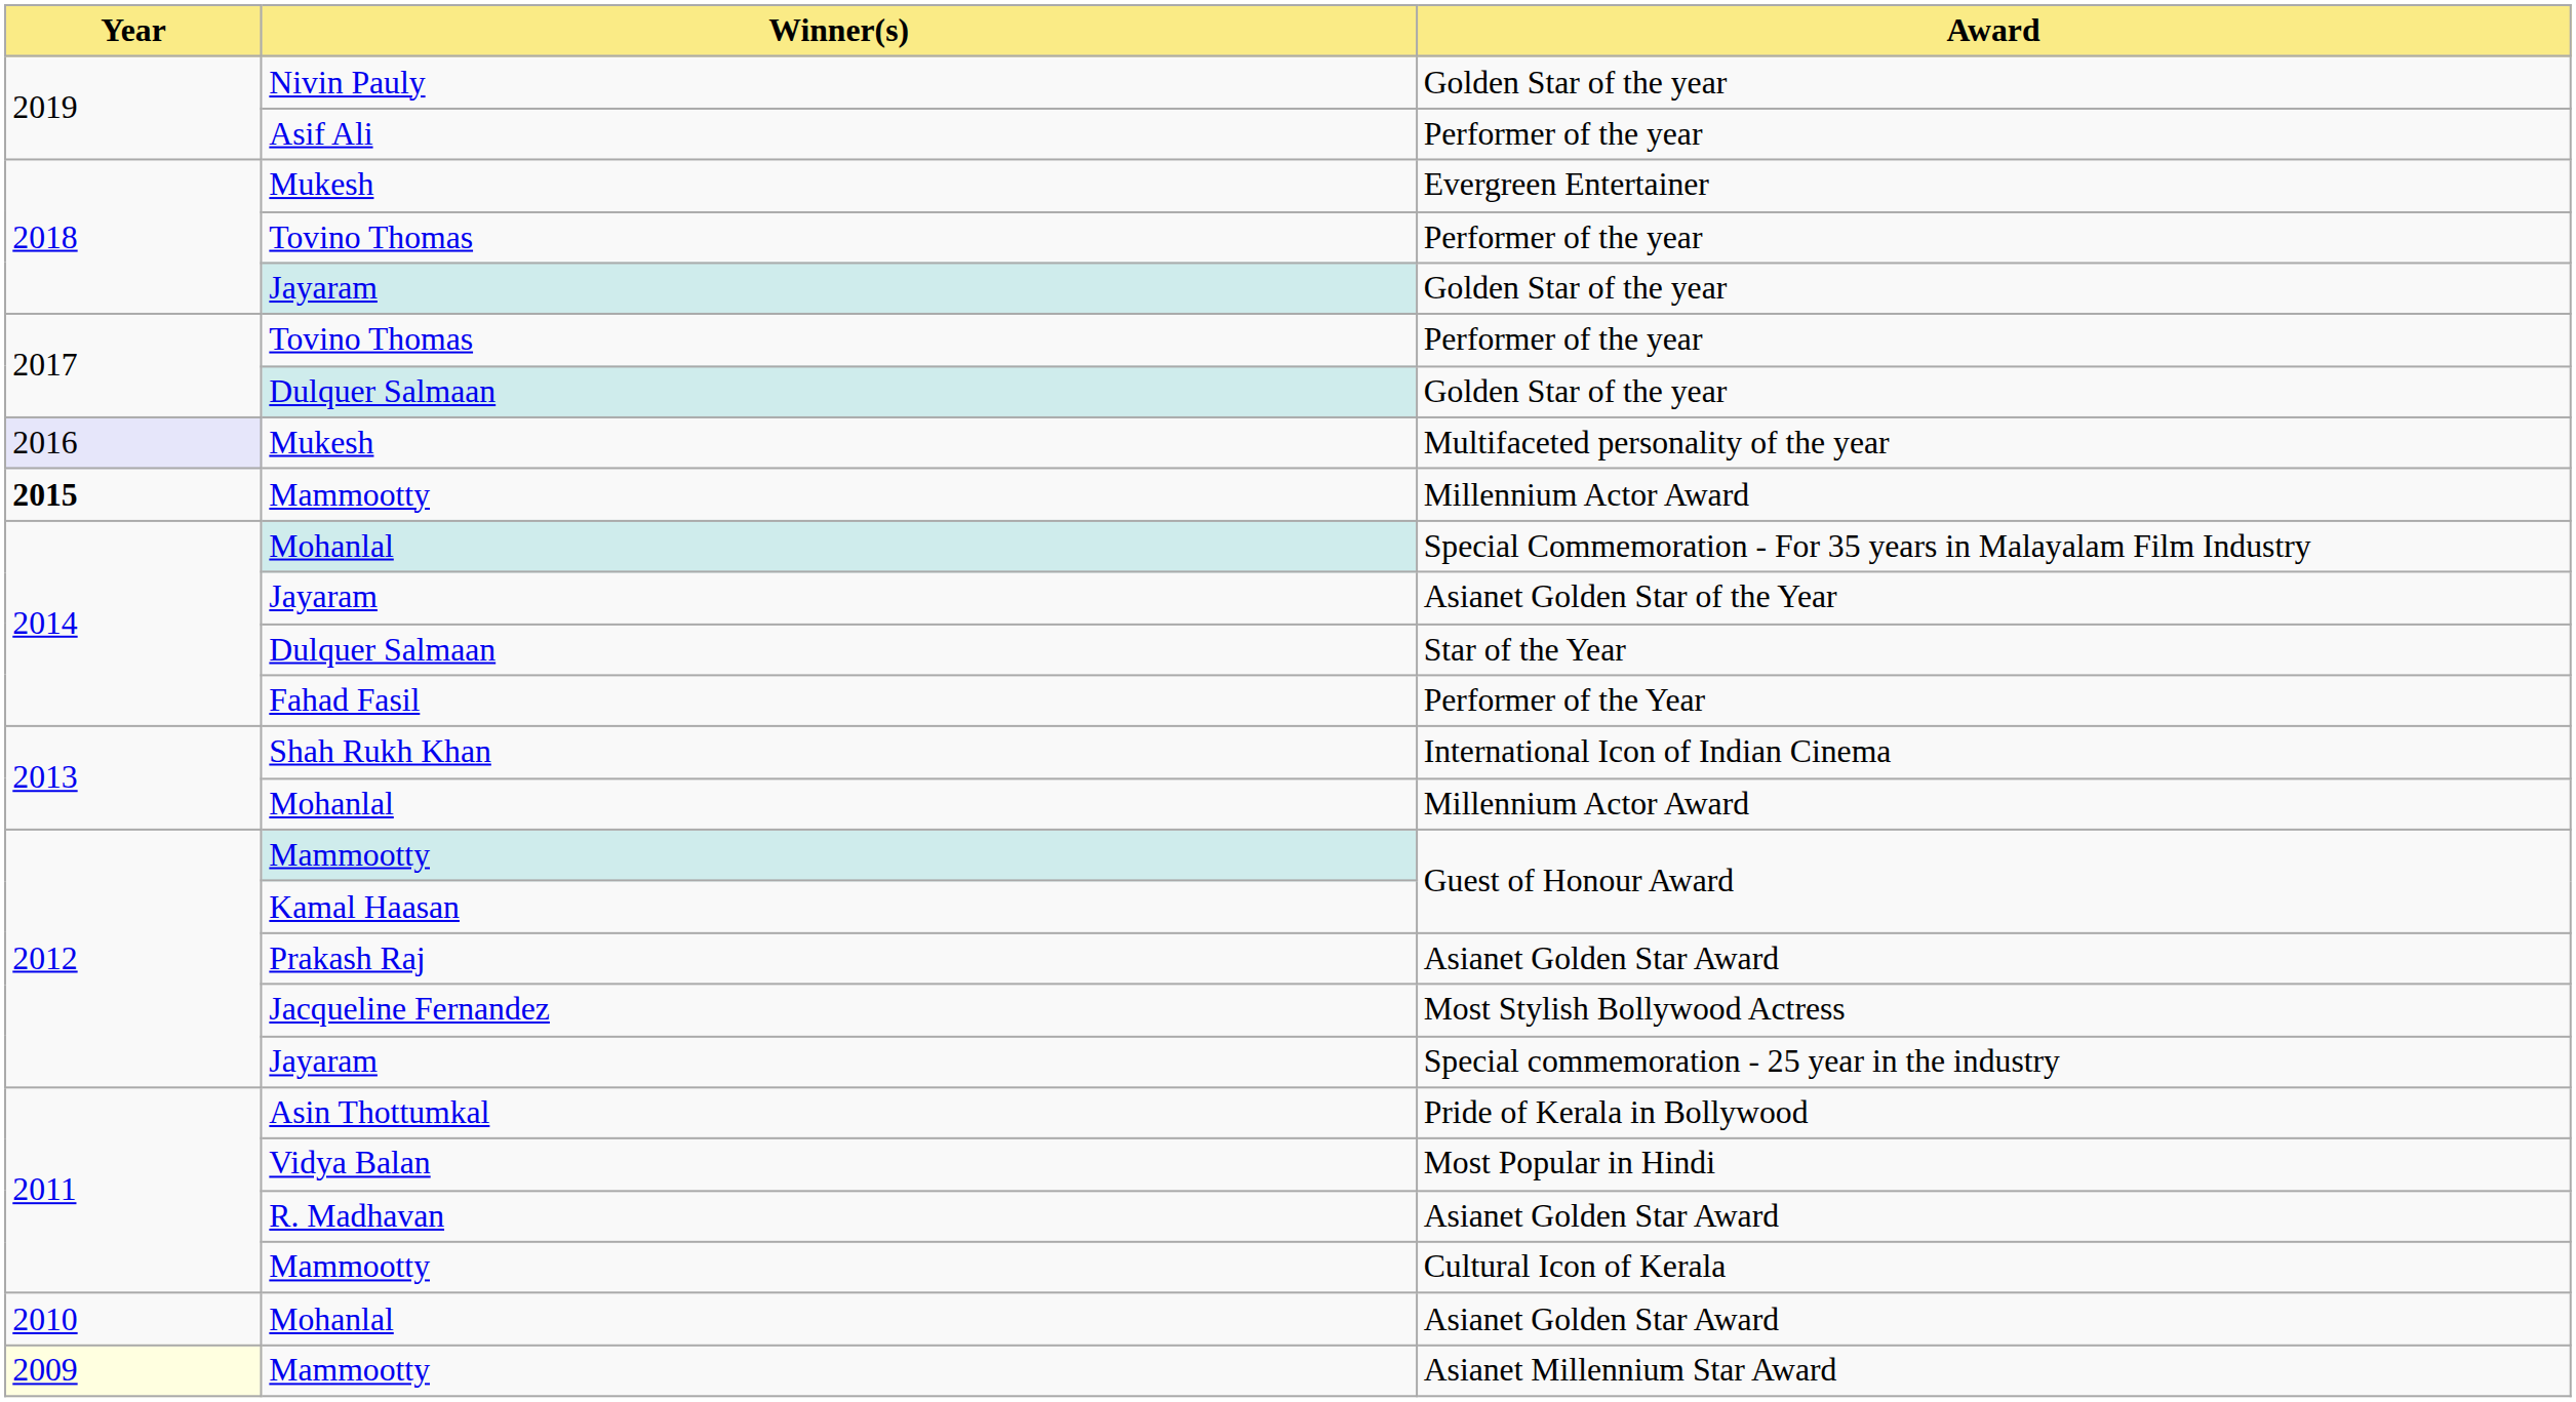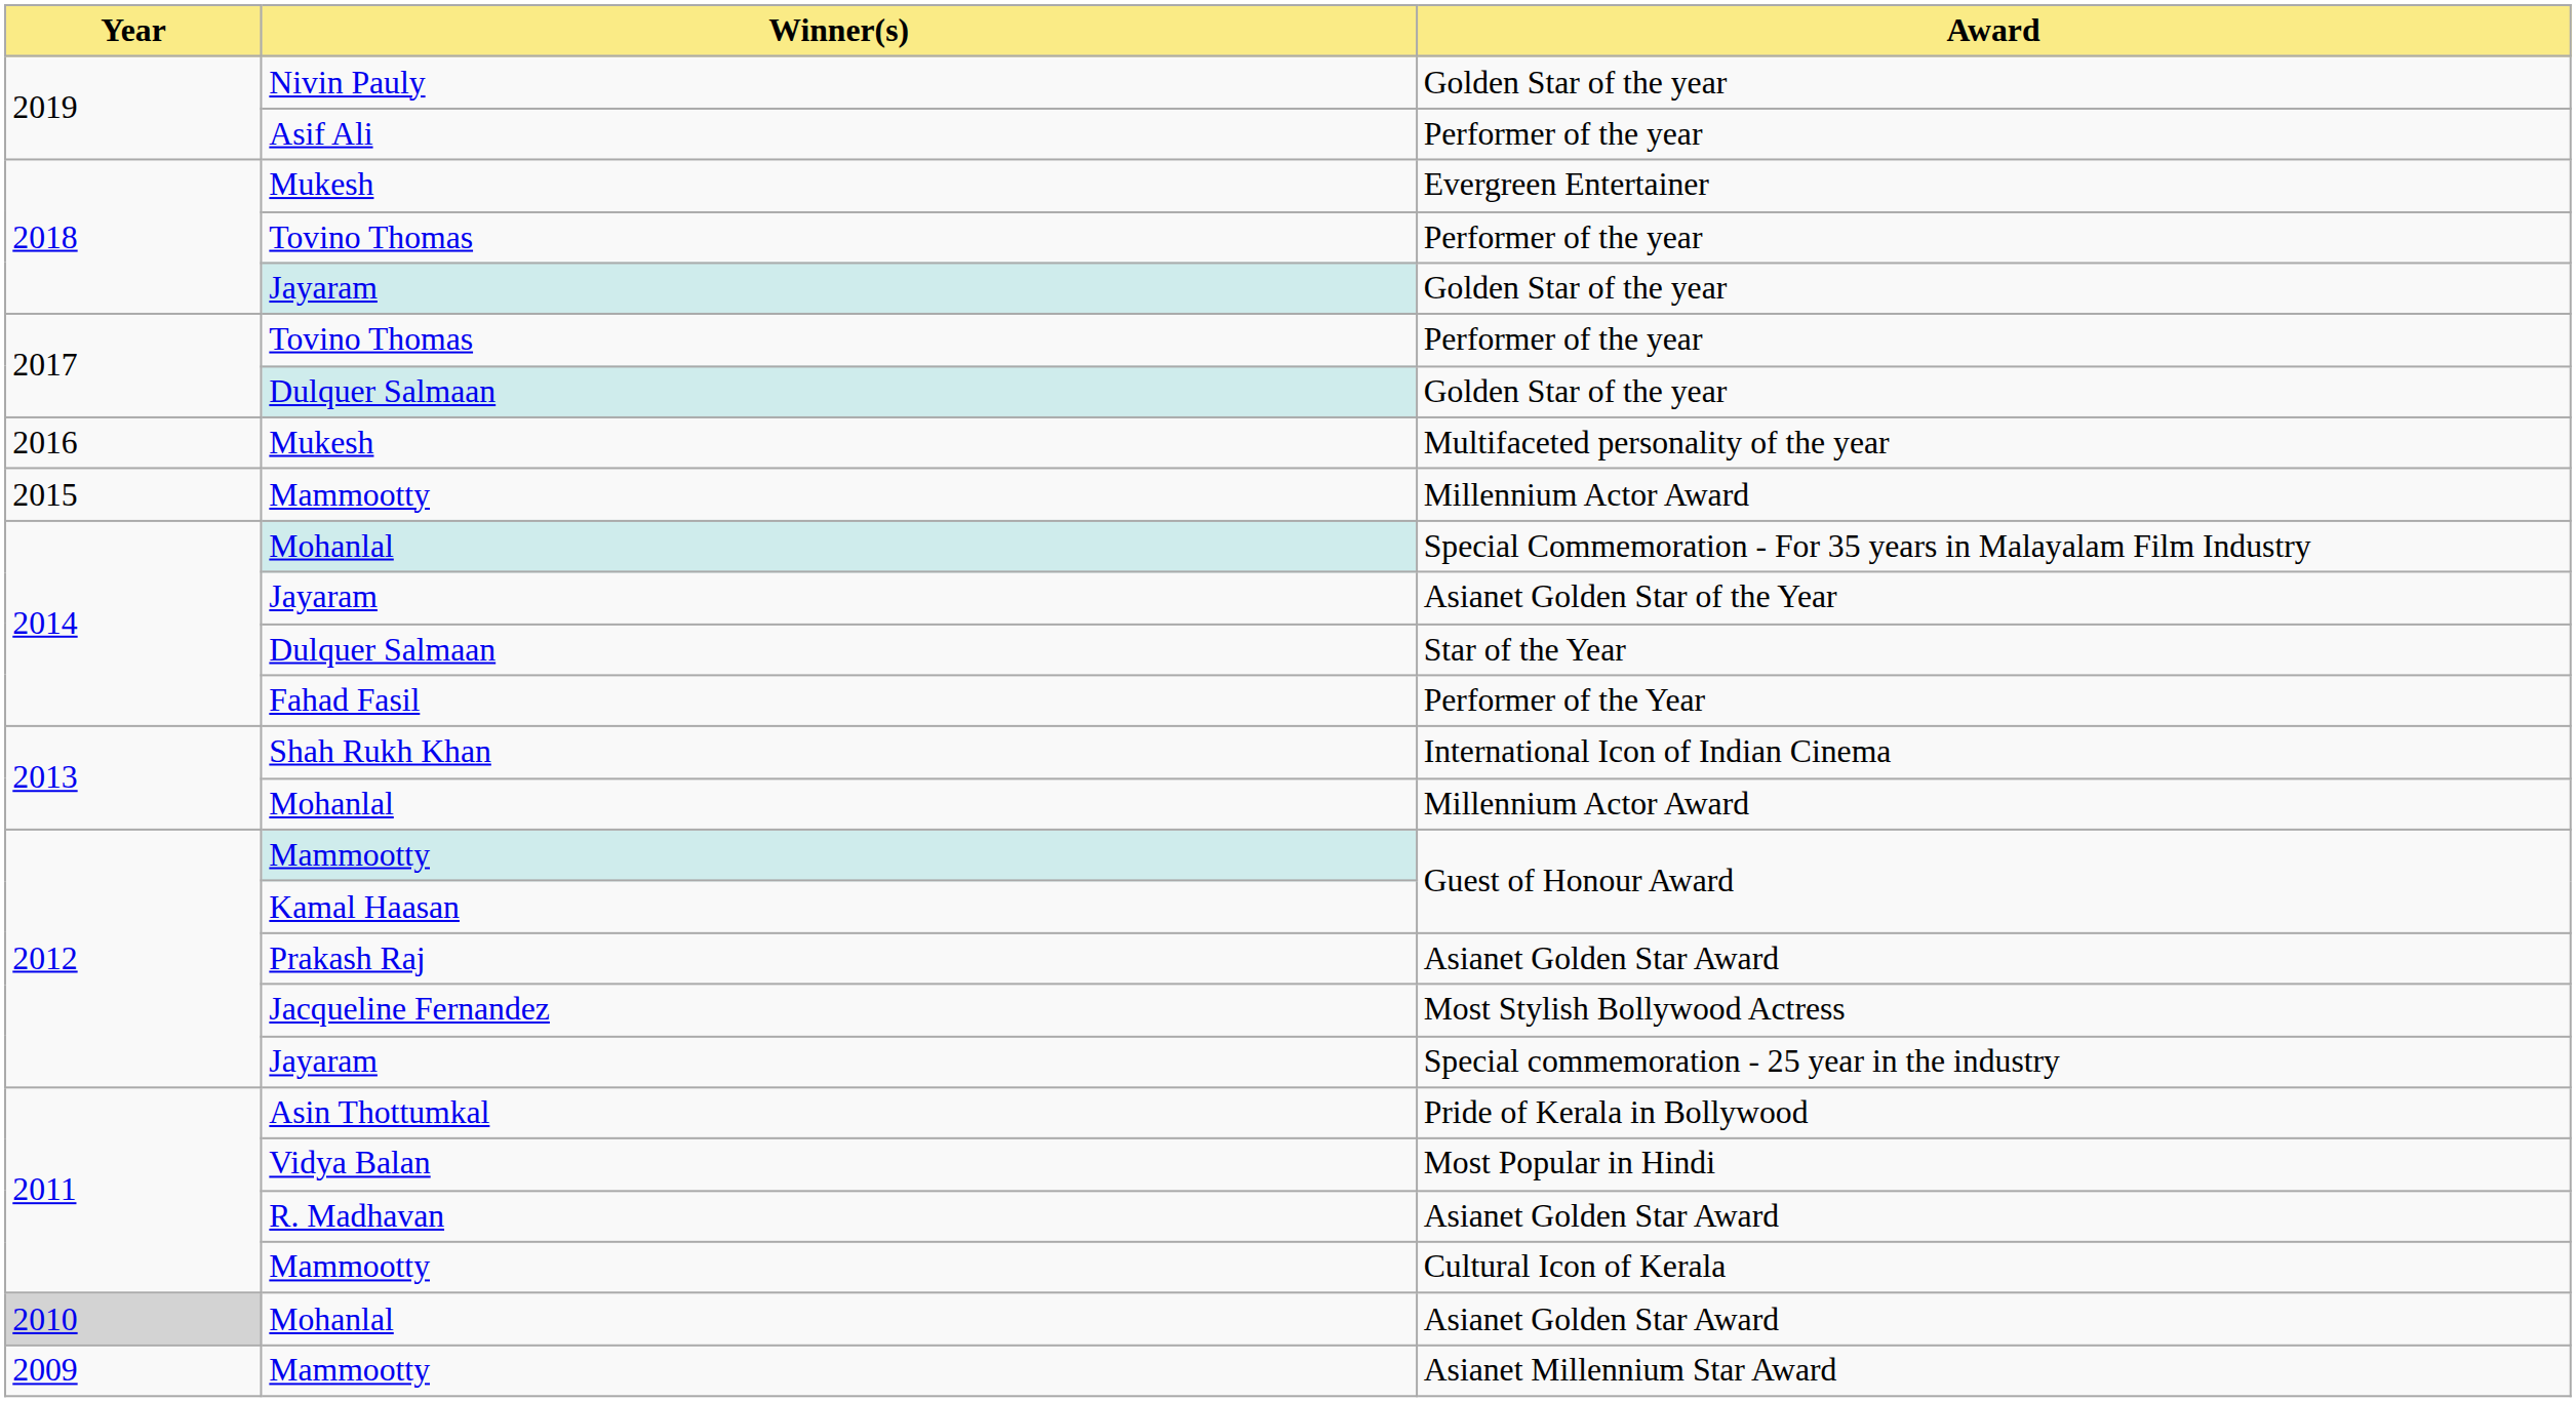 <table class="wikitable" style="width:100%">
 <tr bgcolor="#bebebe">
 <th width="10%" style="background:#FAEB86">Year</th>
 <th width="45%" style="background:#FAEB86">Winner(s)</th>
 <th width="45%" style="background:#FAEB86">Award</th>
 </tr>
 <tr>
 <td rowspan=2>2019</td>
 <td><a href='#'>Nivin Pauly</a></td>
 <td>Golden Star of the year</td>
 </tr>
 <tr>
 <td><a href='#'>Asif Ali</a></td>
 <td>Performer of the year</td>
 </tr>
 <tr>
 <td rowspan=3><a href='#'>2018</a></td>
 <td><a href='#'>Mukesh</a></td>
 <td>Evergreen Entertainer</td>
 </tr>
 <tr>
 <td><a href='#'>Tovino Thomas</a></td>
 <td>Performer of the year</td>
 </tr>
 <tr>
 <td bgcolor="#cfecec"><a href='#'>Jayaram</a></td>
 <td>Golden Star of the year</td>
 </tr>
 <tr>
 <td rowspan=2>2017</td>
 <td><a href='#'>Tovino Thomas</a></td>
 <td>Performer of the year</td>
 </tr>
 <tr>
 <td bgcolor="#cfecec"><a href='#'>Dulquer Salmaan</a></td>
 <td>Golden Star of the year</td>
 </tr>
 <tr>
-<td style="background: lavender;">2016</td>
+<td>2016</td>
 <td><a href='#'>Mukesh</a></td>
 <td>Multifaceted personality of the year</td>
 </tr>
 <tr>
-<td><strong>2015</strong></td>
+<td>2015</td>
 <td><a href='#'>Mammootty</a></td>
 <td>Millennium Actor Award</td>
 </tr>
 <tr>
 <td rowspan=4><a href='#'>2014</a></td>
 <td bgcolor="#cfecec"><a href='#'>Mohanlal</a></td>
 <td>Special Commemoration - For 35 years in Malayalam Film Industry</td>
 </tr>
 <tr>
 <td><a href='#'>Jayaram</a></td>
 <td>Asianet Golden Star of the Year</td>
 </tr>
 <tr>
 <td><a href='#'>Dulquer Salmaan</a></td>
 <td>Star of the Year</td>
 </tr>
 <tr>
 <td><a href='#'>Fahad Fasil</a></td>
 <td>Performer of the Year</td>
 </tr>
 <tr>
 <td rowspan=2><a href='#'>2013</a></td>
 <td><a href='#'>Shah Rukh Khan</a></td>
 <td>International Icon of Indian Cinema</td>
 </tr>
 <tr>
 <td><a href='#'>Mohanlal</a></td>
 <td>Millennium Actor Award</td>
 </tr>
 <tr>
 <td rowspan=5><a href='#'>2012</a></td>
 <td bgcolor="#cfecec"><a href='#'>Mammootty</a></td>
 <td rowspan="2">Guest of Honour Award</td>
 </tr>
 <tr>
 <td><a href='#'>Kamal Haasan</a></td>
 </tr>
 <tr>
 <td><a href='#'>Prakash Raj</a></td>
 <td>Asianet Golden Star Award</td>
 </tr>
 <tr>
 <td><a href='#'>Jacqueline Fernandez</a></td>
 <td>Most Stylish Bollywood Actress</td>
 </tr>
 <tr>
 <td><a href='#'>Jayaram</a></td>
 <td>Special commemoration - 25 year in the industry</td>
 </tr>
 <tr>
 <td rowspan=4><a href='#'>2011</a></td>
 <td><a href='#'>Asin Thottumkal</a></td>
 <td>Pride of Kerala in Bollywood</td>
 </tr>
 <tr>
 <td><a href='#'>Vidya Balan</a></td>
 <td>Most Popular in Hindi</td>
 </tr>
 <tr>
 <td><a href='#'>R. Madhavan</a></td>
 <td>Asianet Golden Star Award</td>
 </tr>
 <tr>
 <td><a href='#'>Mammootty</a></td>
 <td>Cultural Icon of Kerala</td>
 </tr>
 <tr>
-<td><a href='#'>2010</a></td>
+<td style="background: lightgrey;"><a href='#'>2010</a></td>
 <td><a href='#'>Mohanlal</a></td>
 <td>Asianet Golden Star Award</td>
 </tr>
 <tr>
-<td style="background: lightyellow;"><a href='#'>2009</a></td>
+<td><a href='#'>2009</a></td>
 <td><a href='#'>Mammootty</a></td>
 <td>Asianet Millennium Star Award</td>
 </tr>
 </table>
